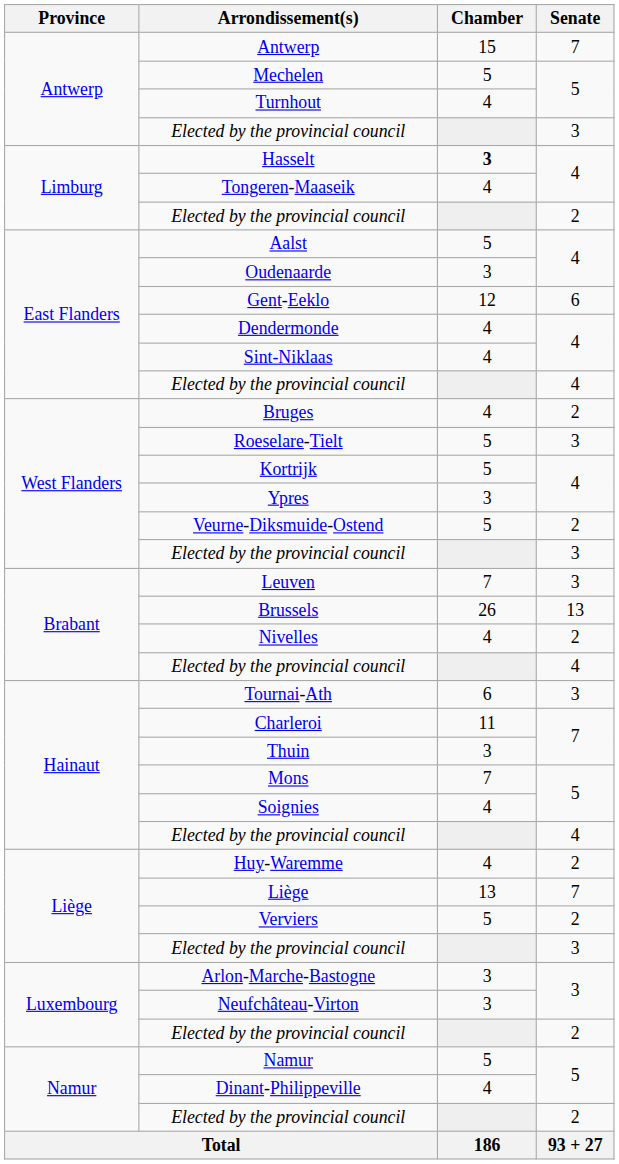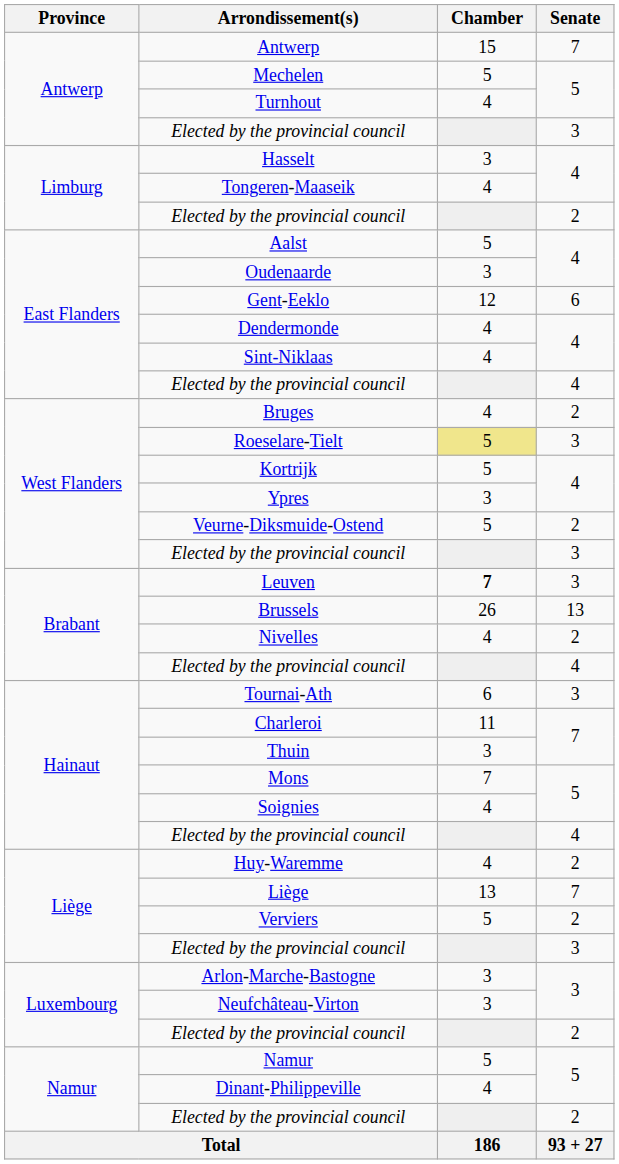 <table class="wikitable" style="text-align:center; width:550px;">
 <tr>
 <th>Province</th>
 <th>Arrondissement(s)</th>
 <th>Chamber</th>
 <th>Senate</th>
 </tr>
 <tr>
 <td rowspan="4"><a href='#'>Antwerp</a></td>
 <td><a href='#'>Antwerp</a></td>
 <td>15</td>
 <td>7</td>
 </tr>
 <tr>
 <td><a href='#'>Mechelen</a></td>
 <td>5</td>
 <td rowspan="2">5</td>
 </tr>
 <tr>
 <td><a href='#'>Turnhout</a></td>
 <td>4</td>
 </tr>
 <tr>
 <td><em>Elected by the provincial council</em></td>
 <td style="background-color:#EFEFEF;"></td>
 <td>3</td>
 </tr>
 <tr>
 <td rowspan="3"><a href='#'>Limburg</a></td>
 <td><a href='#'>Hasselt</a></td>
-<td><strong>3</strong></td>
+<td>3</td>
 <td rowspan="2">4</td>
 </tr>
 <tr>
 <td><a href='#'>Tongeren</a>-<a href='#'>Maaseik</a></td>
 <td>4</td>
 </tr>
 <tr>
 <td><em>Elected by the provincial council</em></td>
 <td style="background-color:#EFEFEF;"></td>
 <td>2</td>
 </tr>
 <tr>
 <td rowspan="6"><a href='#'>East Flanders</a></td>
 <td><a href='#'>Aalst</a></td>
 <td>5</td>
 <td rowspan="2">4</td>
 </tr>
 <tr>
 <td><a href='#'>Oudenaarde</a></td>
 <td>3</td>
 </tr>
 <tr>
 <td><a href='#'>Gent</a>-<a href='#'>Eeklo</a></td>
 <td>12</td>
 <td>6</td>
 </tr>
 <tr>
 <td><a href='#'>Dendermonde</a></td>
 <td>4</td>
 <td rowspan="2">4</td>
 </tr>
 <tr>
 <td><a href='#'>Sint-Niklaas</a></td>
 <td>4</td>
 </tr>
 <tr>
 <td><em>Elected by the provincial council</em></td>
 <td style="background-color:#EFEFEF;"></td>
 <td>4</td>
 </tr>
 <tr>
 <td rowspan="6"><a href='#'>West Flanders</a></td>
 <td><a href='#'>Bruges</a></td>
 <td>4</td>
 <td>2</td>
 </tr>
 <tr>
 <td><a href='#'>Roeselare</a>-<a href='#'>Tielt</a></td>
-<td>5</td>
+<td style="background: khaki;">5</td>
 <td>3</td>
 </tr>
 <tr>
 <td><a href='#'>Kortrijk</a></td>
 <td>5</td>
 <td rowspan="2">4</td>
 </tr>
 <tr>
 <td><a href='#'>Ypres</a></td>
 <td>3</td>
 </tr>
 <tr>
 <td><a href='#'>Veurne</a>-<a href='#'>Diksmuide</a>-<a href='#'>Ostend</a></td>
 <td>5</td>
 <td>2</td>
 </tr>
 <tr>
 <td><em>Elected by the provincial council</em></td>
 <td style="background-color:#EFEFEF;"></td>
 <td>3</td>
 </tr>
 <tr>
 <td rowspan="4"><a href='#'>Brabant</a></td>
 <td><a href='#'>Leuven</a></td>
-<td>7</td>
+<td><strong>7</strong></td>
 <td>3</td>
 </tr>
 <tr>
 <td><a href='#'>Brussels</a></td>
 <td>26</td>
 <td>13</td>
 </tr>
 <tr>
 <td><a href='#'>Nivelles</a></td>
 <td>4</td>
 <td>2</td>
 </tr>
 <tr>
 <td><em>Elected by the provincial council</em></td>
 <td style="background-color:#EFEFEF;"></td>
 <td>4</td>
 </tr>
 <tr>
 <td rowspan="6"><a href='#'>Hainaut</a></td>
 <td><a href='#'>Tournai</a>-<a href='#'>Ath</a></td>
 <td>6</td>
 <td>3</td>
 </tr>
 <tr>
 <td><a href='#'>Charleroi</a></td>
 <td>11</td>
 <td rowspan="2">7</td>
 </tr>
 <tr>
 <td><a href='#'>Thuin</a></td>
 <td>3</td>
 </tr>
 <tr>
 <td><a href='#'>Mons</a></td>
 <td>7</td>
 <td rowspan="2">5</td>
 </tr>
 <tr>
 <td><a href='#'>Soignies</a></td>
 <td>4</td>
 </tr>
 <tr>
 <td><em>Elected by the provincial council</em></td>
 <td style="background-color:#EFEFEF;"></td>
 <td>4</td>
 </tr>
 <tr>
 <td rowspan="4"><a href='#'>Liège</a></td>
 <td><a href='#'>Huy</a>-<a href='#'>Waremme</a></td>
 <td>4</td>
 <td>2</td>
 </tr>
 <tr>
 <td><a href='#'>Liège</a></td>
 <td>13</td>
 <td>7</td>
 </tr>
 <tr>
 <td><a href='#'>Verviers</a></td>
 <td>5</td>
 <td>2</td>
 </tr>
 <tr>
 <td><em>Elected by the provincial council</em></td>
 <td style="background-color:#EFEFEF;"></td>
 <td>3</td>
 </tr>
 <tr>
 <td rowspan="3"><a href='#'>Luxembourg</a></td>
 <td><a href='#'>Arlon</a>-<a href='#'>Marche</a>-<a href='#'>Bastogne</a></td>
 <td>3</td>
 <td rowspan="2">3</td>
 </tr>
 <tr>
 <td><a href='#'>Neufchâteau</a>-<a href='#'>Virton</a></td>
 <td>3</td>
 </tr>
 <tr>
 <td><em>Elected by the provincial council</em></td>
 <td style="background-color:#EFEFEF;"></td>
 <td>2</td>
 </tr>
 <tr>
 <td rowspan="3"><a href='#'>Namur</a></td>
 <td><a href='#'>Namur</a></td>
 <td>5</td>
 <td rowspan="2">5</td>
 </tr>
 <tr>
 <td><a href='#'>Dinant</a>-<a href='#'>Philippeville</a></td>
 <td>4</td>
 </tr>
 <tr>
 <td><em>Elected by the provincial council</em></td>
 <td style="background-color:#EFEFEF;"></td>
 <td>2</td>
 </tr>
 <tr>
 <th colspan="2">Total</th>
 <th>186</th>
 <th>93 + 27</th>
 </tr>
 </table>
